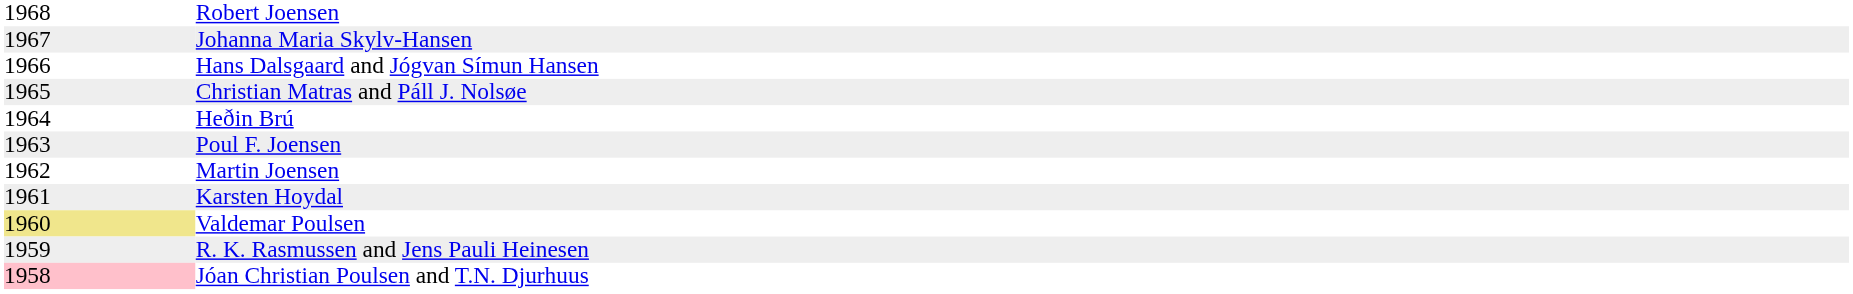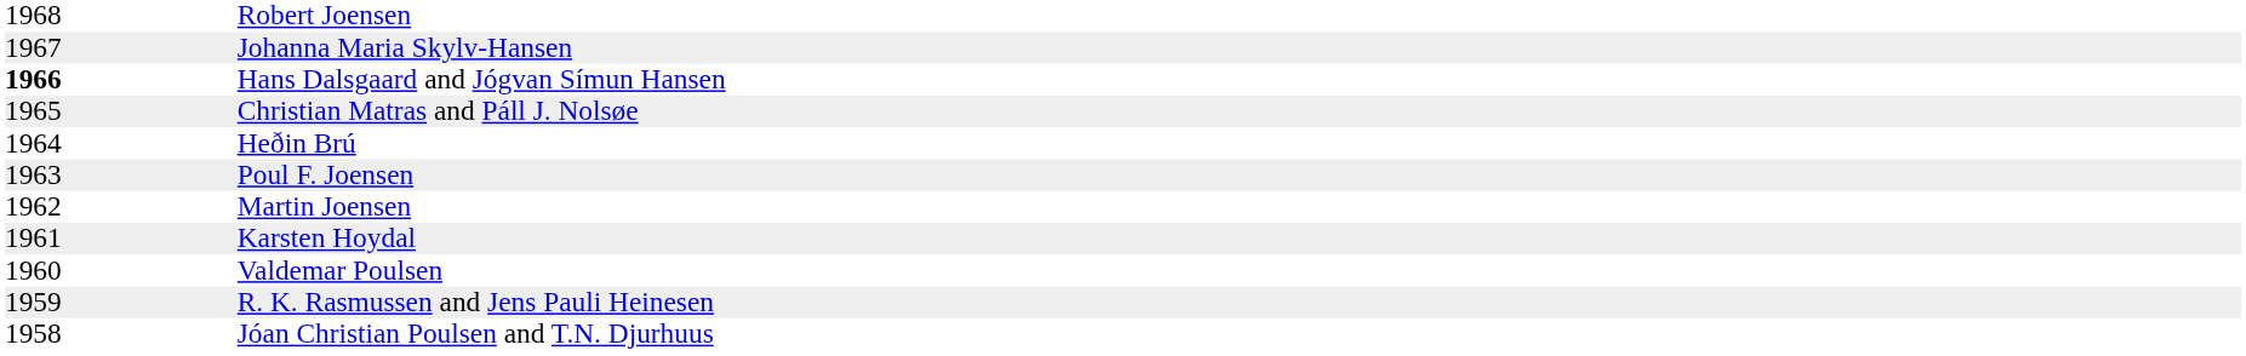 <table width="100%" border="0" cellspacing="0" cellpadding="0">
 <tr>
 <td>1968</td>
 <td><a href='#'>Robert Joensen</a></td>
 </tr>
 <tr bgcolor="#eeeeee">
 <td>1967</td>
 <td><a href='#'>Johanna Maria Skylv-Hansen</a></td>
 </tr>
 <tr>
-<td>1966</td>
+<td><strong>1966</strong></td>
 <td><a href='#'>Hans Dalsgaard</a> and <a href='#'>Jógvan Símun Hansen</a></td>
 </tr>
 <tr bgcolor="#eeeeee">
 <td>1965</td>
 <td><a href='#'>Christian Matras</a> and <a href='#'>Páll J. Nolsøe</a></td>
 </tr>
 <tr>
 <td>1964</td>
 <td><a href='#'>Heðin Brú</a></td>
 </tr>
 <tr bgcolor="#eeeeee">
 <td>1963</td>
 <td><a href='#'>Poul F. Joensen</a></td>
 </tr>
 <tr>
 <td>1962</td>
 <td><a href='#'>Martin Joensen</a></td>
 </tr>
 <tr bgcolor="#eeeeee">
 <td>1961</td>
 <td><a href='#'>Karsten Hoydal</a></td>
 </tr>
 <tr>
-<td style="background: khaki;">1960</td>
+<td>1960</td>
 <td><a href='#'>Valdemar Poulsen</a></td>
 </tr>
 <tr bgcolor="#eeeeee">
 <td>1959</td>
 <td><a href='#'>R. K. Rasmussen</a> and <a href='#'>Jens Pauli Heinesen</a></td>
 </tr>
 <tr>
-<td style="background: pink;">1958</td>
+<td>1958</td>
 <td><a href='#'>Jóan Christian Poulsen</a> and <a href='#'>T.N. Djurhuus</a></td>
 </tr>
 </table>
